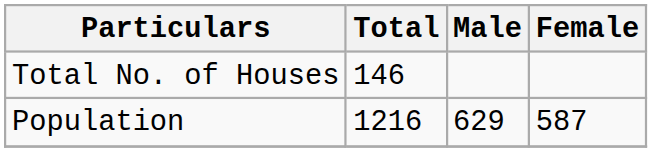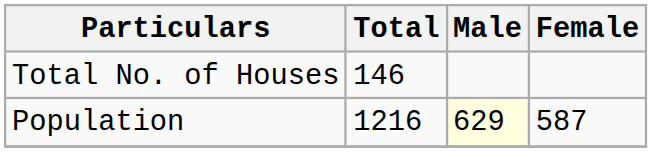 <table class="wikitable sortable">
 <tr>
 <th>Particulars</th>
 <th>Total</th>
 <th>Male</th>
 <th>Female</th>
 </tr>
 <tr>
 <td>Total No. of Houses</td>
 <td>146</td>
 <td></td>
 <td></td>
 </tr>
 <tr>
 <td>Population</td>
 <td>1216</td>
-<td>629</td>
+<td style="background: lightyellow;">629</td>
 <td>587</td>
 </tr>
 <tr>
 </tr>
 </table>
